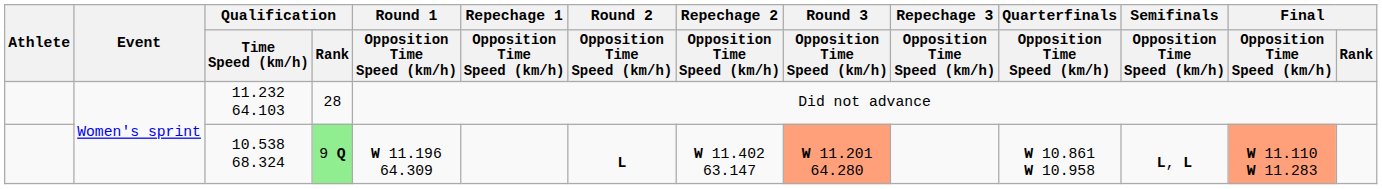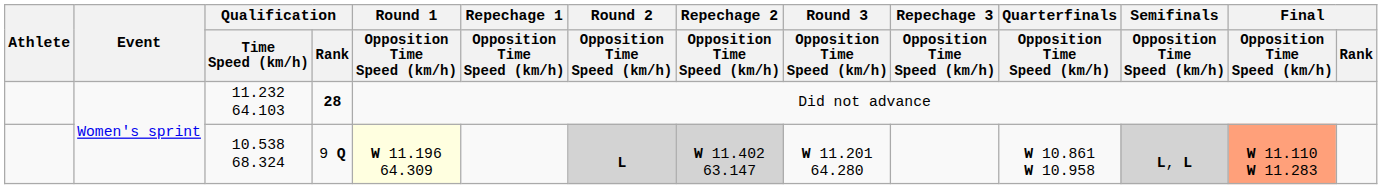 <table class="wikitable" style="font-size:90%">
 <tr>
 <th rowspan=2>Athlete</th>
 <th rowspan=2>Event</th>
 <th colspan=2>Qualification</th>
 <th>Round 1</th>
 <th>Repechage 1</th>
 <th>Round 2</th>
 <th>Repechage 2</th>
 <th>Round 3</th>
 <th>Repechage 3</th>
 <th>Quarterfinals</th>
 <th>Semifinals</th>
 <th colspan=2>Final</th>
 </tr>
 <tr style="font-size:95%">
 <th>Time<br>Speed (km/h)</th>
 <th>Rank</th>
 <th>Opposition<br>Time<br>Speed (km/h)</th>
 <th>Opposition<br>Time<br>Speed (km/h)</th>
 <th>Opposition<br>Time<br>Speed (km/h)</th>
 <th>Opposition<br>Time<br>Speed (km/h)</th>
 <th>Opposition<br>Time<br>Speed (km/h)</th>
 <th>Opposition<br>Time<br>Speed (km/h)</th>
 <th>Opposition<br>Time<br>Speed (km/h)</th>
 <th>Opposition<br>Time<br>Speed (km/h)</th>
 <th>Opposition<br>Time<br>Speed (km/h)</th>
 <th>Rank</th>
 </tr>
 <tr align=center>
 <td align=left></td>
 <td align=left rowspan=2><a href='#'>Women's sprint</a></td>
 <td>11.232<br>64.103</td>
-<td>28</td>
+<td><strong>28</strong></td>
 <td colspan=10>Did not advance</td>
 </tr>
 <tr align=center>
 <td align=left><strong></strong></td>
 <td>10.538<br>68.324</td>
-<td style="background: lightgreen;">9 <strong>Q</strong></td>
-<td><br><strong>W</strong> 11.196<br>64.309</td>
+<td>9 <strong>Q</strong></td>
+<td style="background: lightyellow;"><br><strong>W</strong> 11.196<br>64.309</td>
 <td></td>
-<td><br><strong>L</strong></td>
-<td><br><strong>W</strong> 11.402<br>63.147</td>
-<td style="background: lightsalmon;"><br><strong>W</strong> 11.201<br> 64.280</td>
+<td style="background: lightgrey;"><br><strong>L</strong></td>
+<td style="background: lightgrey;"><br><strong>W</strong> 11.402<br>63.147</td>
+<td><br><strong>W</strong> 11.201<br> 64.280</td>
 <td></td>
 <td><br><strong>W</strong> 10.861<br><strong>W</strong> 10.958</td>
-<td><br><strong>L</strong>, <strong>L</strong></td>
+<td style="background: lightgrey;"><br><strong>L</strong>, <strong>L</strong></td>
 <td style="background: lightsalmon;"><br><strong>W</strong> 11.110<br><strong>W</strong> 11.283</td>
 <td></td>
 </tr>
 </table>
